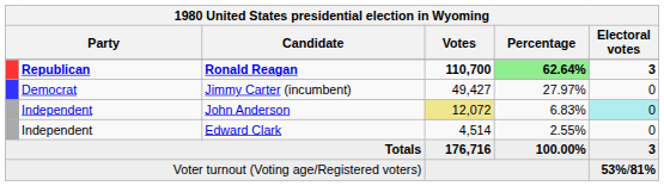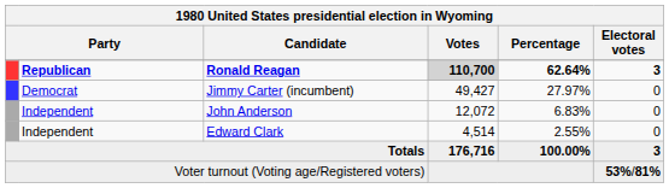 <table class="wikitable" style="font-size: 95%;">
 <tr>
 <th colspan="6">1980 United States presidential election in Wyoming</th>
 </tr>
 <tr>
 <th colspan="2" style="width: 15em">Party</th>
 <th style="width: 17em">Candidate</th>
 <th style="width: 5em">Votes</th>
 <th style="width: 7em">Percentage</th>
 <th style="width: 5em">Electoral votes</th>
 </tr>
 <tr>
 </tr>
 <tr>
 <th style="background-color:#FF3333; width: 3px"></th>
 <td style="width: 130px"><strong><a href='#'>Republican</a></strong></td>
 <td><strong><a href='#'>Ronald Reagan</a></strong></td>
-<td align="right"><strong>110,700</strong></td>
-<td align="right" style="background: lightgreen;"><strong>62.64%</strong></td>
+<td align="right" style="background: lightgrey;"><strong>110,700</strong></td>
+<td align="right"><strong>62.64%</strong></td>
 <td align="right"><strong>3</strong></td>
 </tr>
 <tr>
 <th style="background-color:#3333FF; width: 3px"></th>
 <td style="width: 130px"><a href='#'>Democrat</a></td>
 <td><a href='#'>Jimmy Carter</a> (incumbent)</td>
 <td align="right">49,427</td>
 <td align="right">27.97%</td>
 <td align="right">0</td>
 </tr>
 <tr>
 <th style="background-color:#AAAAAA; width: 3px"></th>
 <td style="width: 130px"><a href='#'>Independent</a></td>
 <td><a href='#'>John Anderson</a></td>
-<td align="right" style="background: khaki;">12,072</td>
+<td align="right">12,072</td>
 <td align="right">6.83%</td>
-<td align="right" style="background: paleturquoise;">0</td>
+<td align="right">0</td>
 </tr>
 <tr>
 <th style="background-color:#AAAAAA; width: 3px"></th>
 <td style="width: 130px">Independent</td>
 <td><a href='#'>Edward Clark</a></td>
 <td align="right">4,514</td>
 <td align="right">2.55%</td>
 <td align="right">0</td>
 </tr>
 <tr bgcolor="#EEEEEE">
 <td colspan="3" align="right"><strong>Totals</strong></td>
 <td align="right"><strong>176,716</strong></td>
 <td align="right"><strong>100.00%</strong></td>
 <td align="right"><strong>3</strong></td>
 </tr>
 <tr bgcolor="#EEEEEE">
 <td colspan="3" align="right">Voter turnout (Voting age/Registered voters)</td>
 <td colspan="2" align="right"></td>
 <td align="right"><strong>53%</strong>/<strong>81%</strong></td>
 </tr>
 </table>
